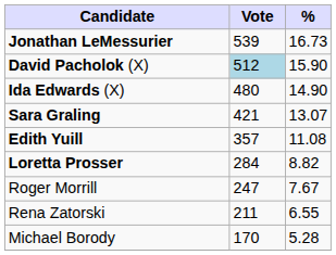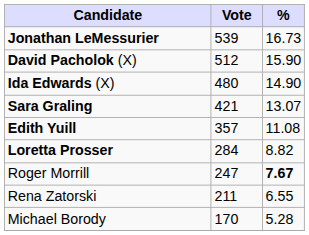 <table class="wikitable">
 <tr>
 <th style="background:#ddf; width:225px;">Candidate</th>
 <th style="background:#ddf; width:50px;">Vote</th>
 <th style="background:#ddf; width:30px;">%</th>
 </tr>
 <tr>
 <td><strong>Jonathan LeMessurier</strong></td>
 <td>539</td>
 <td>16.73</td>
 </tr>
 <tr>
 <td><strong>David Pacholok</strong> (X)</td>
-<td style="background: lightblue;">512</td>
+<td>512</td>
 <td>15.90</td>
 </tr>
 <tr>
 <td><strong>Ida Edwards</strong> (X)</td>
 <td>480</td>
 <td>14.90</td>
 </tr>
 <tr>
 <td><strong>Sara Graling</strong></td>
 <td>421</td>
 <td>13.07</td>
 </tr>
 <tr>
 <td><strong>Edith Yuill</strong></td>
 <td>357</td>
 <td>11.08</td>
 </tr>
 <tr>
 <td><strong>Loretta Prosser</strong></td>
 <td>284</td>
 <td>8.82</td>
 </tr>
 <tr>
 <td>Roger Morrill</td>
 <td>247</td>
-<td>7.67</td>
+<td><strong>7.67</strong></td>
 </tr>
 <tr>
 <td>Rena Zatorski</td>
 <td>211</td>
 <td>6.55</td>
 </tr>
 <tr>
 <td>Michael Borody</td>
 <td>170</td>
 <td>5.28</td>
 </tr>
 <tr>
 </tr>
 </table>
